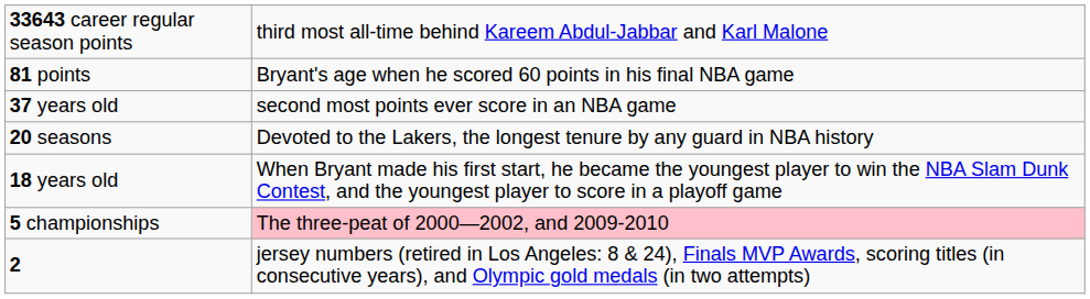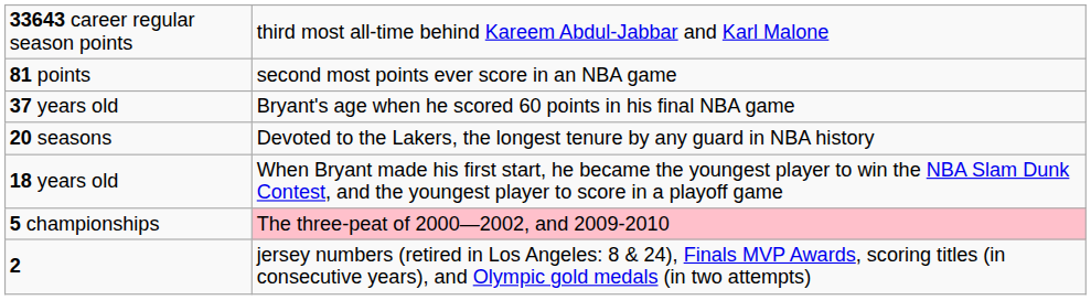 <table class="wikitable">
 <tr>
 <td><strong>33643</strong> career regular season points</td>
 <td>third most all-time behind <a href='#'>Kareem Abdul-Jabbar</a> and <a href='#'>Karl Malone</a></td>
 </tr>
 <tr>
 <td><strong>81</strong> points</td>
-<td>Bryant's age when he scored 60 points in his final NBA game</td>
+<td>second most points ever score in an NBA game</td>
 </tr>
 <tr>
 <td><strong>37</strong> years old</td>
-<td>second most points ever score in an NBA game</td>
+<td>Bryant's age when he scored 60 points in his final NBA game</td>
 </tr>
 <tr>
 <td><strong>20</strong> seasons</td>
 <td>Devoted to the Lakers, the longest tenure by any guard in NBA history</td>
 </tr>
 <tr>
 <td><strong>18</strong> years old</td>
 <td>When Bryant made his first start, he became the youngest player to win the <a href='#'>NBA Slam Dunk Contest</a>, and the youngest player to score in a playoff game</td>
 </tr>
 <tr>
 <td><strong>5</strong> championships</td>
 <td style="background: pink;">The three-peat of 2000—2002, and 2009-2010</td>
 </tr>
 <tr>
 <td><strong>2</strong></td>
 <td>jersey numbers (retired in Los Angeles: 8 & 24), <a href='#'>Finals MVP Awards</a>, scoring titles (in consecutive years), and <a href='#'>Olympic gold medals</a> (in two attempts)</td>
 </tr>
 </table>
